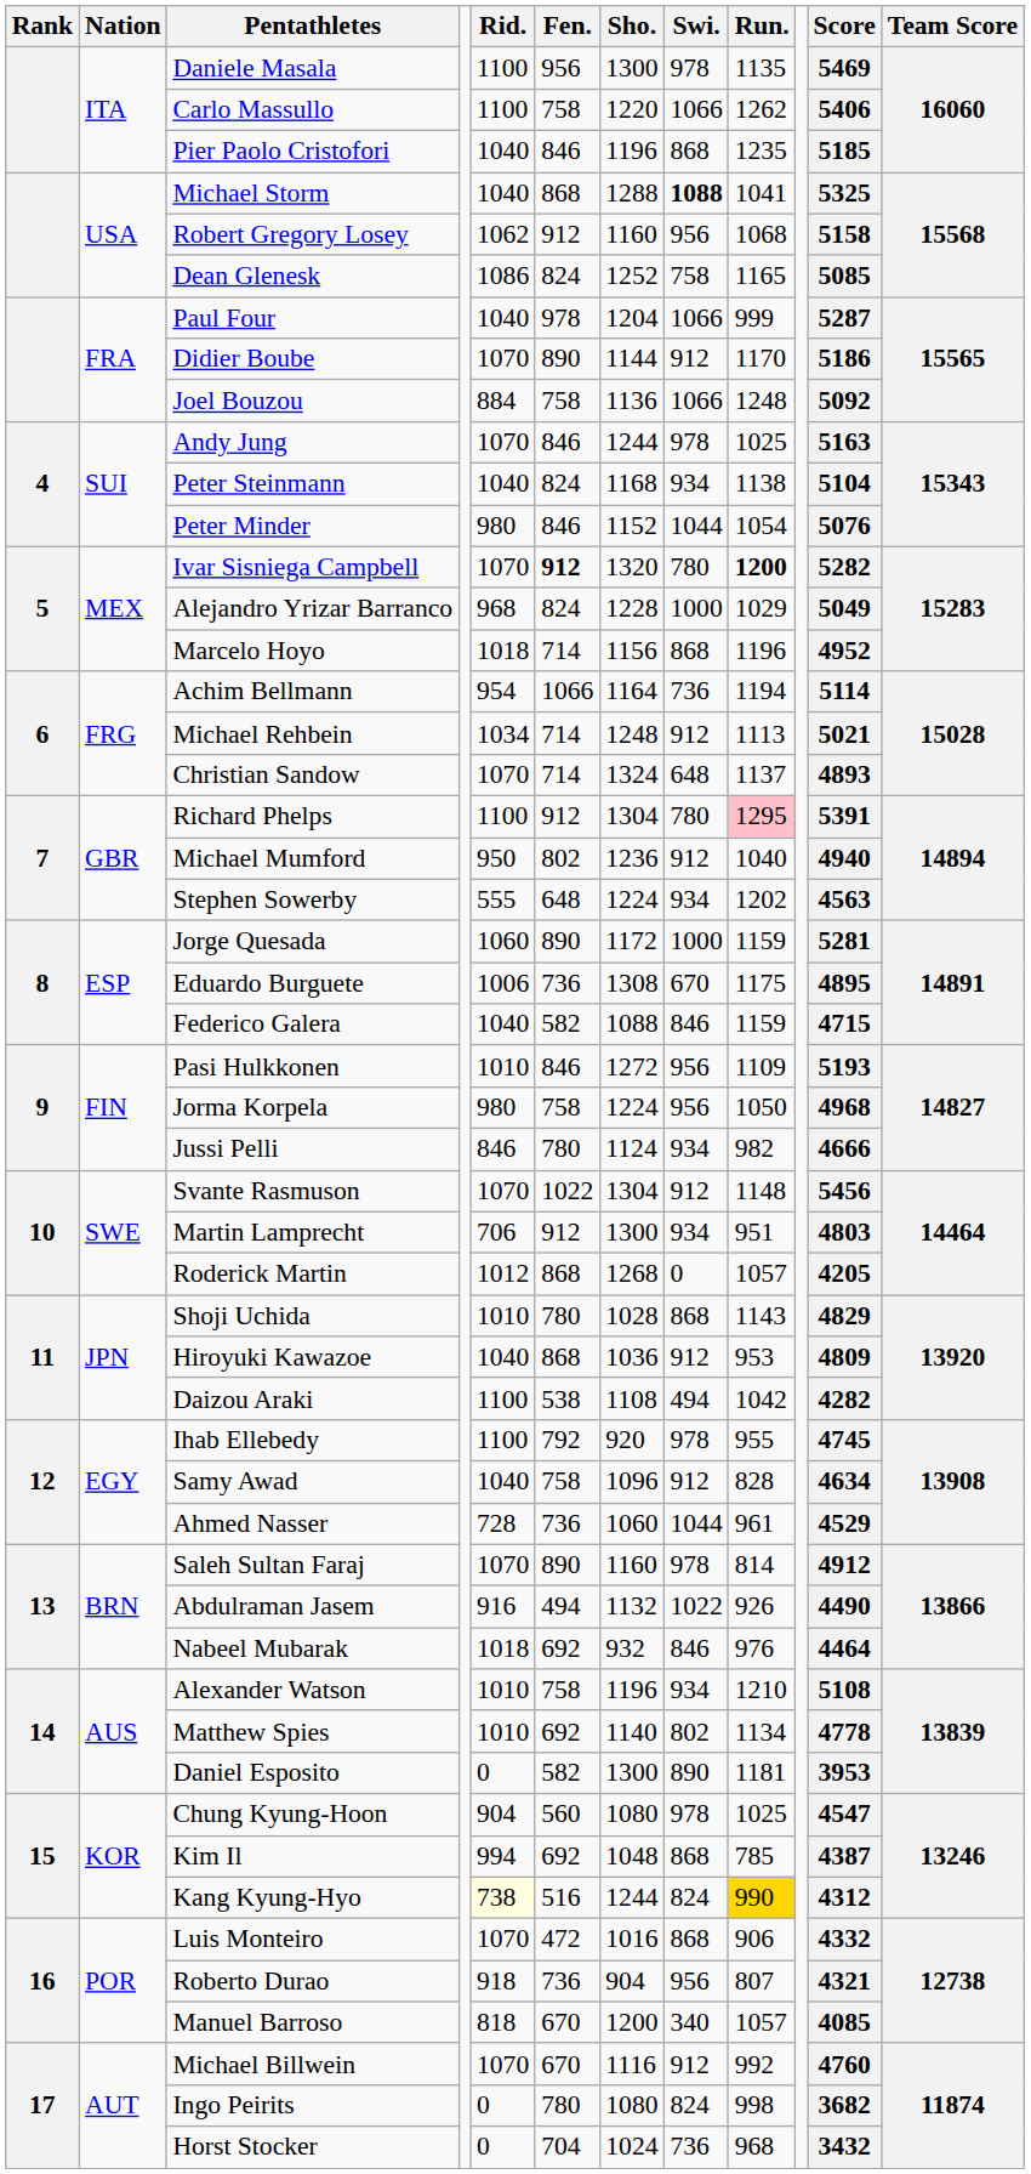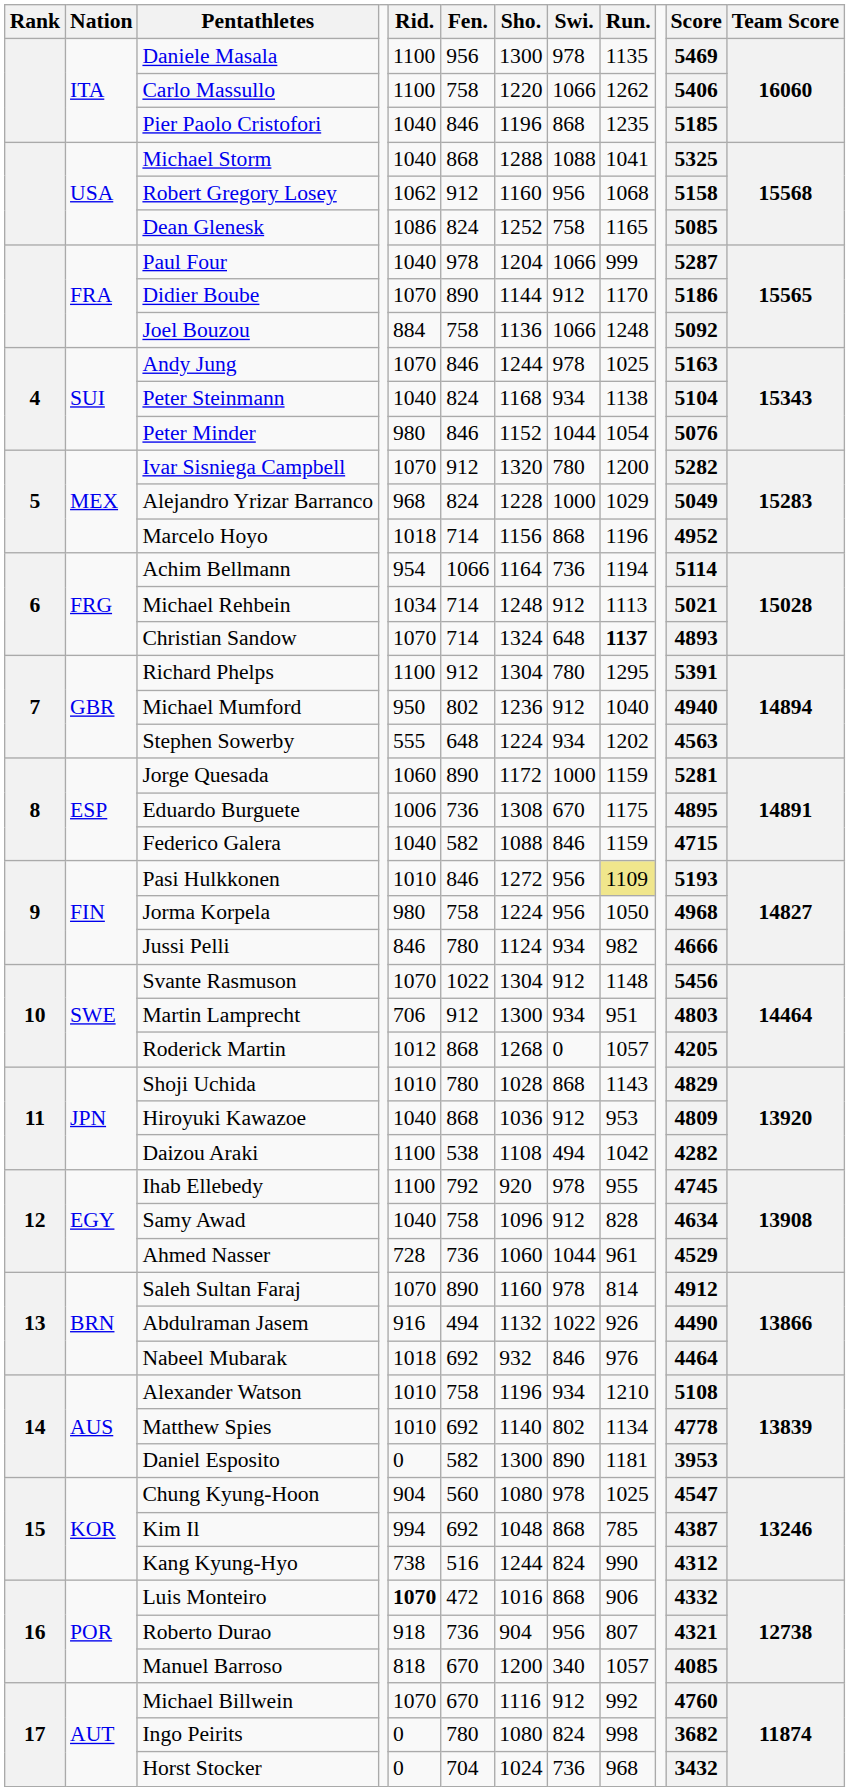 <table class="wikitable">
 <tr>
 <th>Rank</th>
 <th>Nation</th>
 <th>Pentathletes</th>
 <td rowspan="52"></td>
 <th>Rid.</th>
 <th>Fen.</th>
 <th>Sho.</th>
 <th>Swi.</th>
 <th>Run.</th>
 <td rowspan="52"></td>
 <th>Score</th>
 <th>Team Score</th>
 </tr>
 <tr>
 <th rowspan="3"></th>
 <td rowspan="3"> <a href='#'>ITA</a></td>
 <td><a href='#'>Daniele Masala</a></td>
 <td>1100</td>
 <td>956</td>
 <td>1300</td>
 <td>978</td>
 <td>1135</td>
 <th>5469</th>
 <th rowspan="3">16060</th>
 </tr>
 <tr>
 <td><a href='#'>Carlo Massullo</a></td>
 <td>1100</td>
 <td>758</td>
 <td>1220</td>
 <td>1066</td>
 <td>1262</td>
 <th>5406</th>
 </tr>
 <tr>
 <td><a href='#'>Pier Paolo Cristofori</a></td>
 <td>1040</td>
 <td>846</td>
 <td>1196</td>
 <td>868</td>
 <td>1235</td>
 <th>5185</th>
 </tr>
 <tr>
 <th rowspan="3"></th>
 <td rowspan="3"> <a href='#'>USA</a></td>
 <td><a href='#'>Michael Storm</a></td>
 <td>1040</td>
 <td>868</td>
 <td>1288</td>
-<td><strong>1088</strong></td>
+<td>1088</td>
 <td>1041</td>
 <th>5325</th>
 <th rowspan="3">15568</th>
 </tr>
 <tr>
 <td><a href='#'>Robert Gregory Losey</a></td>
 <td>1062</td>
 <td>912</td>
 <td>1160</td>
 <td>956</td>
 <td>1068</td>
 <th>5158</th>
 </tr>
 <tr>
 <td><a href='#'>Dean Glenesk</a></td>
 <td>1086</td>
 <td>824</td>
 <td>1252</td>
 <td>758</td>
 <td>1165</td>
 <th>5085</th>
 </tr>
 <tr>
 <th rowspan="3"></th>
 <td rowspan="3"> <a href='#'>FRA</a></td>
 <td><a href='#'>Paul Four</a></td>
 <td>1040</td>
 <td>978</td>
 <td>1204</td>
 <td>1066</td>
 <td>999</td>
 <th>5287</th>
 <th rowspan="3">15565</th>
 </tr>
 <tr>
 <td><a href='#'>Didier Boube</a></td>
 <td>1070</td>
 <td>890</td>
 <td>1144</td>
 <td>912</td>
 <td>1170</td>
 <th>5186</th>
 </tr>
 <tr>
 <td><a href='#'>Joel Bouzou</a></td>
 <td>884</td>
 <td>758</td>
 <td>1136</td>
 <td>1066</td>
 <td>1248</td>
 <th>5092</th>
 </tr>
 <tr>
 <th rowspan="3">4</th>
 <td rowspan="3"> <a href='#'>SUI</a></td>
 <td><a href='#'>Andy Jung</a></td>
 <td>1070</td>
 <td>846</td>
 <td>1244</td>
 <td>978</td>
 <td>1025</td>
 <th>5163</th>
 <th rowspan="3">15343</th>
 </tr>
 <tr>
 <td><a href='#'>Peter Steinmann</a></td>
 <td>1040</td>
 <td>824</td>
 <td>1168</td>
 <td>934</td>
 <td>1138</td>
 <th>5104</th>
 </tr>
 <tr>
 <td><a href='#'>Peter Minder</a></td>
 <td>980</td>
 <td>846</td>
 <td>1152</td>
 <td>1044</td>
 <td>1054</td>
 <th>5076</th>
 </tr>
 <tr>
 <th rowspan="3">5</th>
 <td rowspan="3"> <a href='#'>MEX</a></td>
 <td><a href='#'>Ivar Sisniega Campbell</a></td>
 <td>1070</td>
-<td><strong>912</strong></td>
+<td>912</td>
 <td>1320</td>
 <td>780</td>
-<td><strong>1200</strong></td>
+<td>1200</td>
 <th>5282</th>
 <th rowspan="3">15283</th>
 </tr>
 <tr>
 <td>Alejandro Yrizar Barranco</td>
 <td>968</td>
 <td>824</td>
 <td>1228</td>
 <td>1000</td>
 <td>1029</td>
 <th>5049</th>
 </tr>
 <tr>
 <td>Marcelo Hoyo</td>
 <td>1018</td>
 <td>714</td>
 <td>1156</td>
 <td>868</td>
 <td>1196</td>
 <th>4952</th>
 </tr>
 <tr>
 <th rowspan="3">6</th>
 <td rowspan="3"> <a href='#'>FRG</a></td>
 <td>Achim Bellmann</td>
 <td>954</td>
 <td>1066</td>
 <td>1164</td>
 <td>736</td>
 <td>1194</td>
 <th>5114</th>
 <th rowspan="3">15028</th>
 </tr>
 <tr>
 <td>Michael Rehbein</td>
 <td>1034</td>
 <td>714</td>
 <td>1248</td>
 <td>912</td>
 <td>1113</td>
 <th>5021</th>
 </tr>
 <tr>
 <td>Christian Sandow</td>
 <td>1070</td>
 <td>714</td>
 <td>1324</td>
 <td>648</td>
-<td>1137</td>
+<td><strong>1137</strong></td>
 <th>4893</th>
 </tr>
 <tr>
 <th rowspan="3">7</th>
 <td rowspan="3"> <a href='#'>GBR</a></td>
 <td>Richard Phelps</td>
 <td>1100</td>
 <td>912</td>
 <td>1304</td>
 <td>780</td>
-<td style="background: pink;">1295</td>
+<td>1295</td>
 <th>5391</th>
 <th rowspan="3">14894</th>
 </tr>
 <tr>
 <td>Michael Mumford</td>
 <td>950</td>
 <td>802</td>
 <td>1236</td>
 <td>912</td>
 <td>1040</td>
 <th>4940</th>
 </tr>
 <tr>
 <td>Stephen Sowerby</td>
 <td>555</td>
 <td>648</td>
 <td>1224</td>
 <td>934</td>
 <td>1202</td>
 <th>4563</th>
 </tr>
 <tr>
 <th rowspan="3">8</th>
 <td rowspan="3"> <a href='#'>ESP</a></td>
 <td>Jorge Quesada</td>
 <td>1060</td>
 <td>890</td>
 <td>1172</td>
 <td>1000</td>
 <td>1159</td>
 <th>5281</th>
 <th rowspan="3">14891</th>
 </tr>
 <tr>
 <td>Eduardo Burguete</td>
 <td>1006</td>
 <td>736</td>
 <td>1308</td>
 <td>670</td>
 <td>1175</td>
 <th>4895</th>
 </tr>
 <tr>
 <td>Federico Galera</td>
 <td>1040</td>
 <td>582</td>
 <td>1088</td>
 <td>846</td>
 <td>1159</td>
 <th>4715</th>
 </tr>
 <tr>
 <th rowspan="3">9</th>
 <td rowspan="3"> <a href='#'>FIN</a></td>
 <td>Pasi Hulkkonen</td>
 <td>1010</td>
 <td>846</td>
 <td>1272</td>
 <td>956</td>
-<td>1109</td>
+<td style="background: khaki;">1109</td>
 <th>5193</th>
 <th rowspan="3">14827</th>
 </tr>
 <tr>
 <td>Jorma Korpela</td>
 <td>980</td>
 <td>758</td>
 <td>1224</td>
 <td>956</td>
 <td>1050</td>
 <th>4968</th>
 </tr>
 <tr>
 <td>Jussi Pelli</td>
 <td>846</td>
 <td>780</td>
 <td>1124</td>
 <td>934</td>
 <td>982</td>
 <th>4666</th>
 </tr>
 <tr>
 <th rowspan="3">10</th>
 <td rowspan="3"> <a href='#'>SWE</a></td>
 <td>Svante Rasmuson</td>
 <td>1070</td>
 <td>1022</td>
 <td>1304</td>
 <td>912</td>
 <td>1148</td>
 <th>5456</th>
 <th rowspan="3">14464</th>
 </tr>
 <tr>
 <td>Martin Lamprecht</td>
 <td>706</td>
 <td>912</td>
 <td>1300</td>
 <td>934</td>
 <td>951</td>
 <th>4803</th>
 </tr>
 <tr>
 <td>Roderick Martin</td>
 <td>1012</td>
 <td>868</td>
 <td>1268</td>
 <td>0</td>
 <td>1057</td>
 <th>4205</th>
 </tr>
 <tr>
 <th rowspan="3">11</th>
 <td rowspan="3"> <a href='#'>JPN</a></td>
 <td>Shoji Uchida</td>
 <td>1010</td>
 <td>780</td>
 <td>1028</td>
 <td>868</td>
 <td>1143</td>
 <th>4829</th>
 <th rowspan="3">13920</th>
 </tr>
 <tr>
 <td>Hiroyuki Kawazoe</td>
 <td>1040</td>
 <td>868</td>
 <td>1036</td>
 <td>912</td>
 <td>953</td>
 <th>4809</th>
 </tr>
 <tr>
 <td>Daizou Araki</td>
 <td>1100</td>
 <td>538</td>
 <td>1108</td>
 <td>494</td>
 <td>1042</td>
 <th>4282</th>
 </tr>
 <tr>
 <th rowspan="3">12</th>
 <td rowspan="3"> <a href='#'>EGY</a></td>
 <td>Ihab Ellebedy</td>
 <td>1100</td>
 <td>792</td>
 <td>920</td>
 <td>978</td>
 <td>955</td>
 <th>4745</th>
 <th rowspan="3">13908</th>
 </tr>
 <tr>
 <td>Samy Awad</td>
 <td>1040</td>
 <td>758</td>
 <td>1096</td>
 <td>912</td>
 <td>828</td>
 <th>4634</th>
 </tr>
 <tr>
 <td>Ahmed Nasser</td>
 <td>728</td>
 <td>736</td>
 <td>1060</td>
 <td>1044</td>
 <td>961</td>
 <th>4529</th>
 </tr>
 <tr>
 <th rowspan="3">13</th>
 <td rowspan="3"> <a href='#'>BRN</a></td>
 <td>Saleh Sultan Faraj</td>
 <td>1070</td>
 <td>890</td>
 <td>1160</td>
 <td>978</td>
 <td>814</td>
 <th>4912</th>
 <th rowspan="3">13866</th>
 </tr>
 <tr>
 <td>Abdulraman Jasem</td>
 <td>916</td>
 <td>494</td>
 <td>1132</td>
 <td>1022</td>
 <td>926</td>
 <th>4490</th>
 </tr>
 <tr>
 <td>Nabeel Mubarak</td>
 <td>1018</td>
 <td>692</td>
 <td>932</td>
 <td>846</td>
 <td>976</td>
 <th>4464</th>
 </tr>
 <tr>
 <th rowspan="3">14</th>
 <td rowspan="3"> <a href='#'>AUS</a></td>
 <td>Alexander Watson</td>
 <td>1010</td>
 <td>758</td>
 <td>1196</td>
 <td>934</td>
 <td>1210</td>
 <th>5108</th>
 <th rowspan="3">13839</th>
 </tr>
 <tr>
 <td>Matthew Spies</td>
 <td>1010</td>
 <td>692</td>
 <td>1140</td>
 <td>802</td>
 <td>1134</td>
 <th>4778</th>
 </tr>
 <tr>
 <td>Daniel Esposito</td>
 <td>0</td>
 <td>582</td>
 <td>1300</td>
 <td>890</td>
 <td>1181</td>
 <th>3953</th>
 </tr>
 <tr>
 <th rowspan="3">15</th>
 <td rowspan="3"> <a href='#'>KOR</a></td>
 <td>Chung Kyung-Hoon</td>
 <td>904</td>
 <td>560</td>
 <td>1080</td>
 <td>978</td>
 <td>1025</td>
 <th>4547</th>
 <th rowspan="3">13246</th>
 </tr>
 <tr>
 <td>Kim Il</td>
 <td>994</td>
 <td>692</td>
 <td>1048</td>
 <td>868</td>
 <td>785</td>
 <th>4387</th>
 </tr>
 <tr>
 <td>Kang Kyung-Hyo</td>
-<td style="background: lightyellow;">738</td>
+<td>738</td>
 <td>516</td>
 <td>1244</td>
 <td>824</td>
-<td style="background: gold;">990</td>
+<td>990</td>
 <th>4312</th>
 </tr>
 <tr>
 <th rowspan="3">16</th>
 <td rowspan="3"> <a href='#'>POR</a></td>
 <td>Luis Monteiro</td>
-<td>1070</td>
+<td><strong>1070</strong></td>
 <td>472</td>
 <td>1016</td>
 <td>868</td>
 <td>906</td>
 <th>4332</th>
 <th rowspan="3">12738</th>
 </tr>
 <tr>
 <td>Roberto Durao</td>
 <td>918</td>
 <td>736</td>
 <td>904</td>
 <td>956</td>
 <td>807</td>
 <th>4321</th>
 </tr>
 <tr>
 <td>Manuel Barroso</td>
 <td>818</td>
 <td>670</td>
 <td>1200</td>
 <td>340</td>
 <td>1057</td>
 <th>4085</th>
 </tr>
 <tr>
 <th rowspan="3">17</th>
 <td rowspan="3"> <a href='#'>AUT</a></td>
 <td>Michael Billwein</td>
 <td>1070</td>
 <td>670</td>
 <td>1116</td>
 <td>912</td>
 <td>992</td>
 <th>4760</th>
 <th rowspan="3">11874</th>
 </tr>
 <tr>
 <td>Ingo Peirits</td>
 <td>0</td>
 <td>780</td>
 <td>1080</td>
 <td>824</td>
 <td>998</td>
 <th>3682</th>
 </tr>
 <tr>
 <td>Horst Stocker</td>
 <td>0</td>
 <td>704</td>
 <td>1024</td>
 <td>736</td>
 <td>968</td>
 <th>3432</th>
 </tr>
 </table>
